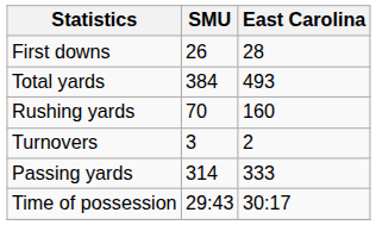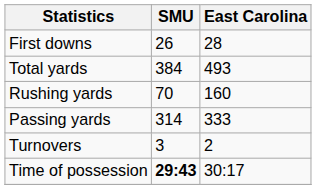 <table class="wikitable" style="float: right;">
 <tr>
 <th>Statistics</th>
 <th>SMU</th>
 <th>East Carolina</th>
 </tr>
 <tr>
 <td>First downs</td>
 <td>26</td>
 <td>28</td>
 </tr>
 <tr>
 <td>Total yards</td>
 <td>384</td>
 <td>493</td>
 </tr>
 <tr>
 <td>Rushing yards</td>
 <td>70</td>
 <td>160</td>
 </tr>
 <tr>
+<td>Passing yards</td>
+<td>314</td>
+<td>333</td>
+</tr>
+<tr>
 <td>Turnovers</td>
 <td>3</td>
 <td>2</td>
 </tr>
 <tr>
-<td>Passing yards</td>
-<td>314</td>
-<td>333</td>
-</tr>
-<tr>
 <td>Time of possession</td>
-<td>29:43</td>
+<td><strong>29:43</strong></td>
 <td>30:17</td>
 </tr>
 <tr>
 </tr>
 </table>
